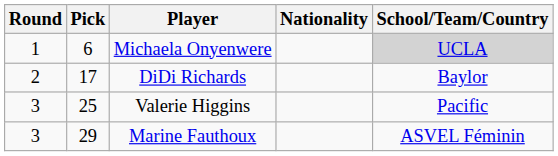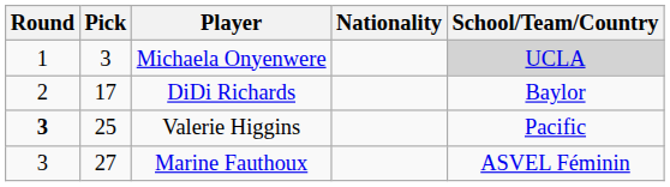 <table class="wikitable" style="text-align: center;">
 <tr>
 <th>Round</th>
 <th>Pick</th>
 <th>Player</th>
 <th>Nationality</th>
 <th>School/Team/Country</th>
 </tr>
 <tr>
 <td>1</td>
-<td>6</td>
+<td>3</td>
 <td><a href='#'>Michaela Onyenwere</a></td>
 <td></td>
 <td style="background: lightgrey;"><a href='#'>UCLA</a></td>
 </tr>
 <tr>
 <td>2</td>
 <td>17</td>
 <td><a href='#'>DiDi Richards</a></td>
 <td></td>
 <td><a href='#'>Baylor</a></td>
 </tr>
 <tr>
-<td>3</td>
+<td><strong>3</strong></td>
 <td>25</td>
 <td>Valerie Higgins</td>
 <td></td>
 <td><a href='#'>Pacific</a></td>
 </tr>
 <tr>
 <td>3</td>
-<td>29</td>
+<td>27</td>
 <td><a href='#'>Marine Fauthoux</a></td>
 <td></td>
 <td><a href='#'>ASVEL Féminin</a> </td>
 </tr>
 </table>
